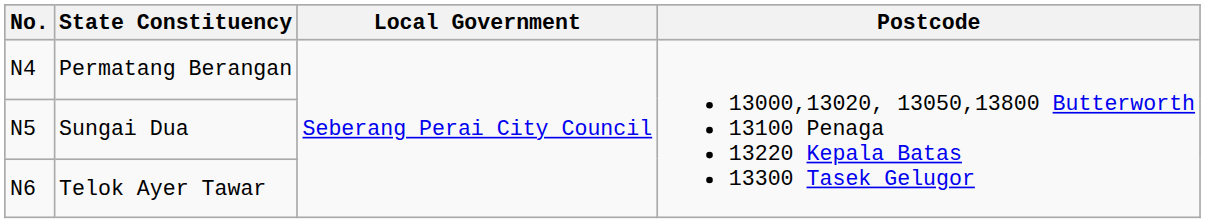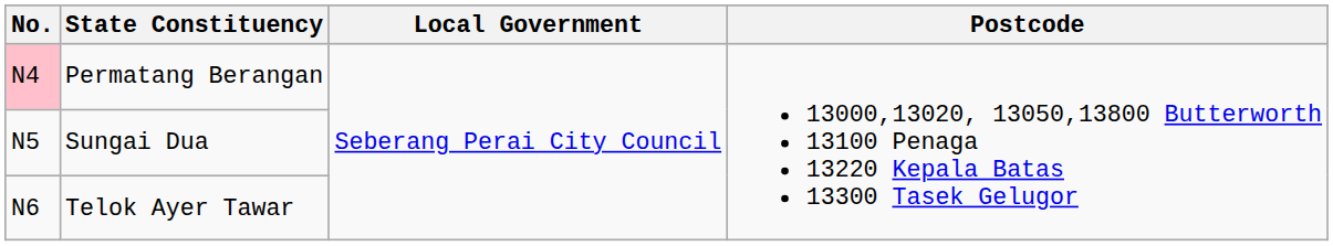 <table class="wikitable">
 <tr>
 <th>No.</th>
 <th>State Constituency</th>
 <th>Local Government</th>
 <th>Postcode</th>
 </tr>
 <tr>
-<td>N4</td>
+<td style="background: pink;">N4</td>
 <td>Permatang Berangan</td>
 <td rowspan="3"><a href='#'>Seberang Perai City Council</a></td>
 <td rowspan="3"><br><ul><li>13000,13020, 13050,13800 <a href='#'>Butterworth</a></li><li>13100 Penaga</li><li>13220 <a href='#'>Kepala Batas</a></li><li>13300 <a href='#'>Tasek Gelugor</a></li></ul></td>
 </tr>
 <tr>
 <td>N5</td>
 <td>Sungai Dua</td>
 </tr>
 <tr>
 <td>N6</td>
 <td>Telok Ayer Tawar</td>
 </tr>
 </table>
